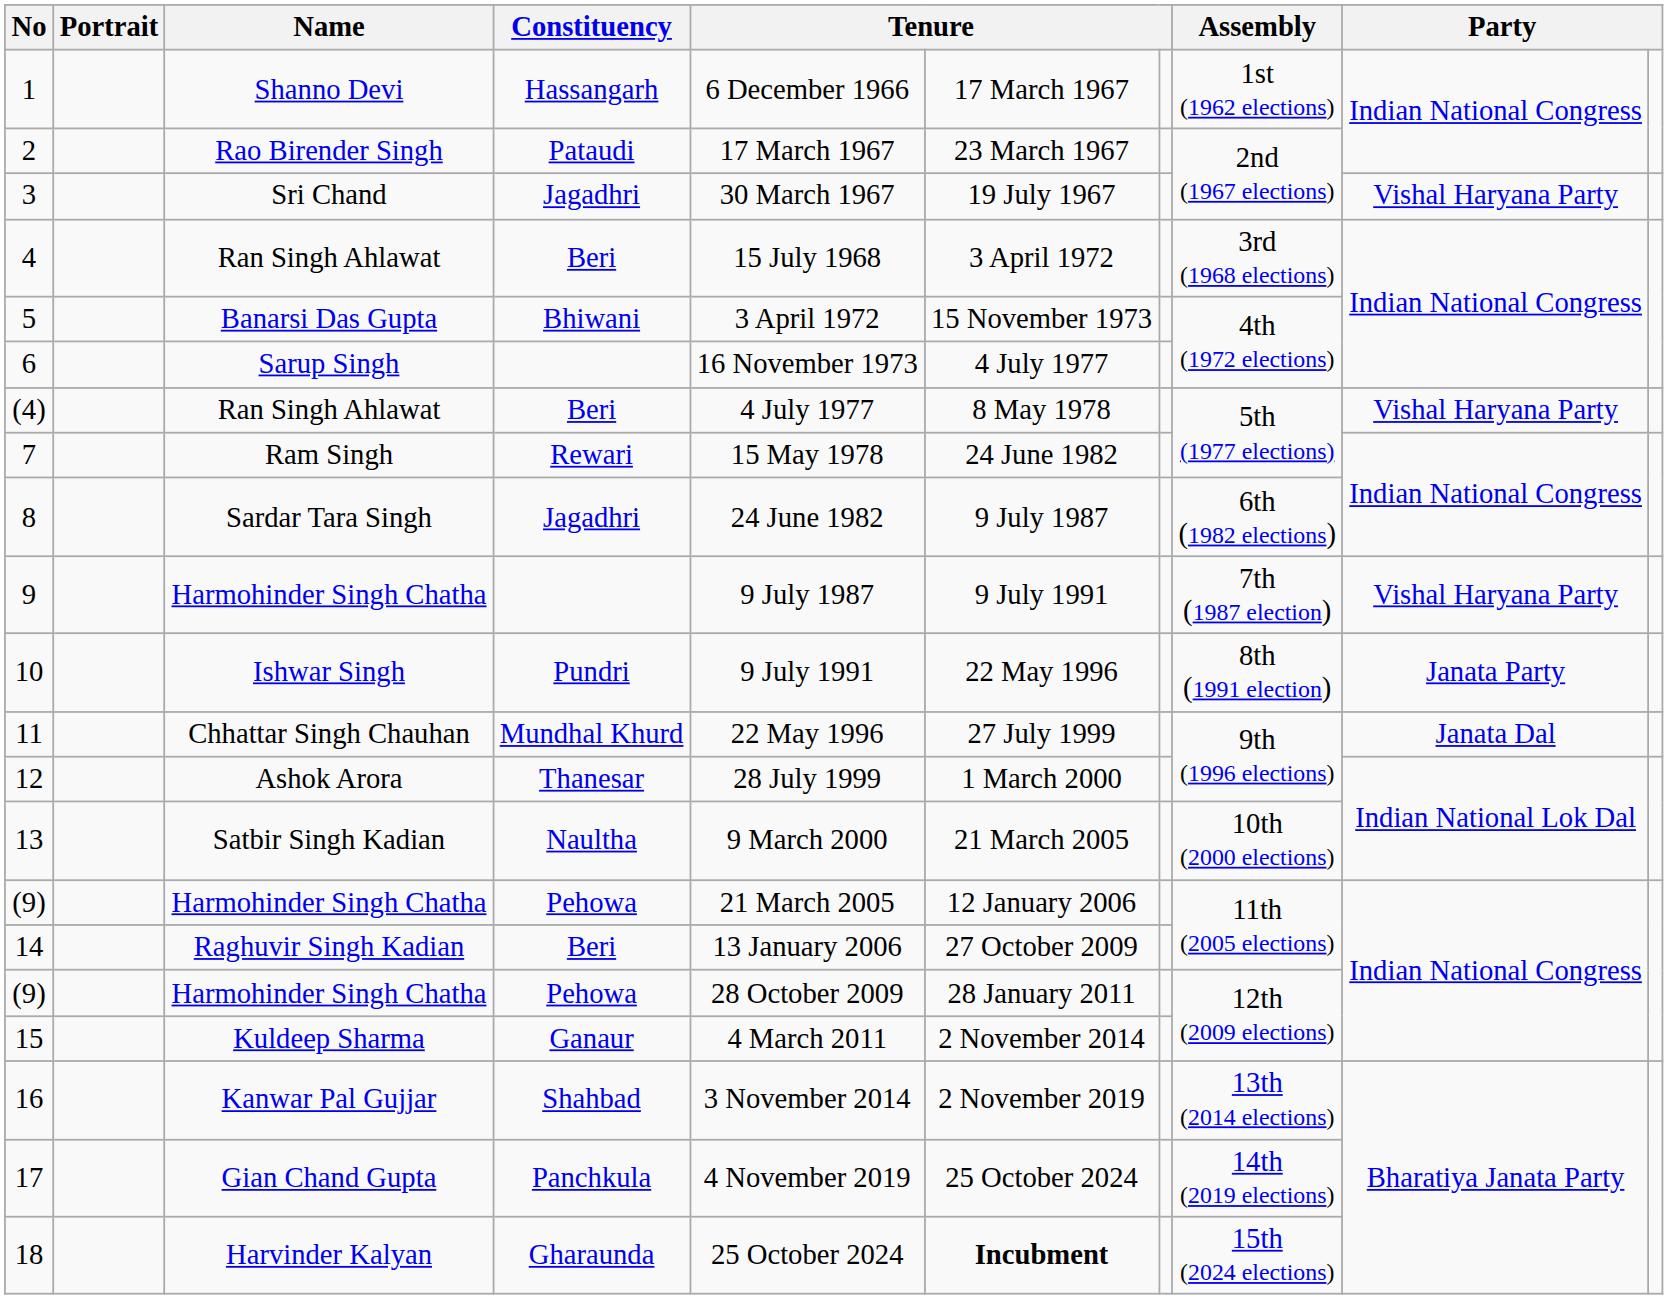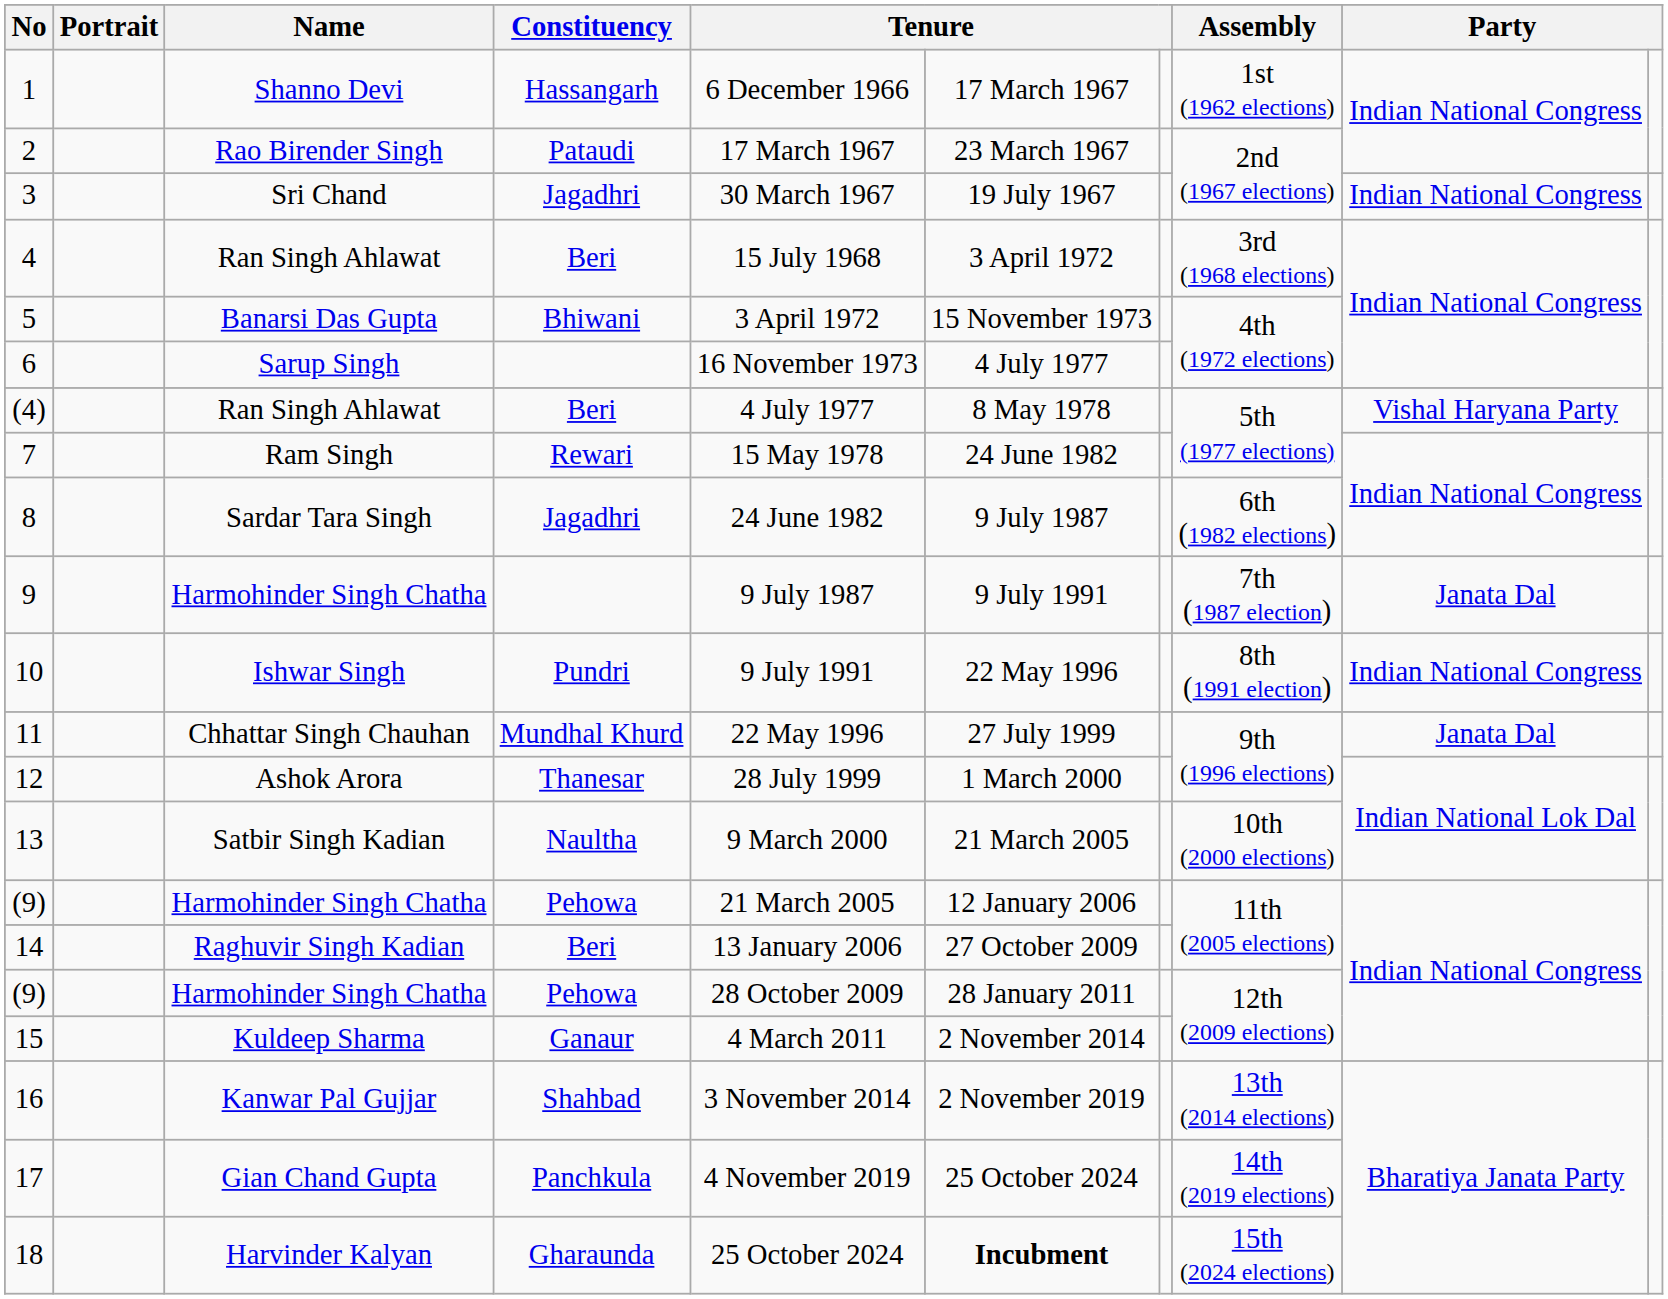 <table class="wikitable" style="text-align:center">
 <tr>
 <th>No</th>
 <th>Portrait</th>
 <th>Name</th>
 <th><a href='#'>Constituency</a></th>
 <th colspan="3">Tenure</th>
 <th>Assembly</th>
 <th colspan="2">Party</th>
 </tr>
 <tr>
 <td>1</td>
 <td></td>
 <td><a href='#'>Shanno Devi</a></td>
 <td><a href='#'>Hassangarh</a></td>
 <td>6 December 1966</td>
 <td>17 March 1967</td>
 <td></td>
 <td>1st<br><small>(<a href='#'>1962 elections</a>)</small></td>
 <td rowspan="2"><a href='#'>Indian National Congress</a></td>
 <td rowspan="2" style="background-color: "></td>
 </tr>
 <tr>
 <td>2</td>
 <td></td>
 <td><a href='#'>Rao Birender Singh</a></td>
 <td><a href='#'>Pataudi</a></td>
 <td>17 March 1967</td>
 <td>23 March 1967</td>
 <td></td>
 <td rowspan="2">2nd<br><small>(<a href='#'>1967 elections</a>)</small></td>
 </tr>
 <tr>
 <td>3</td>
 <td></td>
 <td>Sri Chand</td>
 <td><a href='#'>Jagadhri</a></td>
 <td>30 March 1967</td>
 <td>19 July 1967</td>
 <td></td>
-<td><a href='#'>Vishal Haryana Party</a></td>
+<td><a href='#'>Indian National Congress</a></td>
 <td style="background-color: "></td>
 </tr>
 <tr>
 <td>4</td>
 <td></td>
 <td>Ran Singh Ahlawat</td>
 <td><a href='#'>Beri</a></td>
 <td>15 July 1968</td>
 <td>3 April 1972</td>
 <td></td>
 <td>3rd<br><small>(<a href='#'>1968 elections</a>)</small></td>
 <td rowspan="3"><a href='#'>Indian National Congress</a></td>
 <td rowspan="3" style="background-color: "></td>
 </tr>
 <tr>
 <td>5</td>
 <td></td>
 <td><a href='#'>Banarsi Das Gupta</a></td>
 <td><a href='#'>Bhiwani</a></td>
 <td>3 April 1972</td>
 <td>15 November 1973</td>
 <td></td>
 <td rowspan="2">4th<br><small>(<a href='#'>1972 elections</a>)</small></td>
 </tr>
 <tr>
 <td>6</td>
 <td></td>
 <td><a href='#'>Sarup Singh</a></td>
 <td></td>
 <td>16 November 1973</td>
 <td>4 July 1977</td>
 <td></td>
 </tr>
 <tr>
 <td>(4)</td>
 <td></td>
 <td>Ran Singh Ahlawat</td>
 <td><a href='#'>Beri</a></td>
 <td>4 July 1977</td>
 <td>8 May 1978</td>
 <td></td>
 <td rowspan="2">5th<br><small><a href='#'>(1977 elections)</a></small></td>
 <td><a href='#'>Vishal Haryana Party</a></td>
 <td style="background-color: "></td>
 </tr>
 <tr>
 <td>7</td>
 <td></td>
 <td>Ram Singh</td>
 <td><a href='#'>Rewari</a></td>
 <td>15 May 1978</td>
 <td>24 June 1982</td>
 <td></td>
 <td rowspan="2"><a href='#'>Indian National Congress</a></td>
 <td rowspan="2" style="background-color: "></td>
 </tr>
 <tr>
 <td>8</td>
 <td></td>
 <td>Sardar Tara Singh</td>
 <td><a href='#'>Jagadhri</a></td>
 <td>24 June 1982</td>
 <td>9 July 1987</td>
 <td></td>
 <td>6th<br>(<a href='#'><small>1982 elections</small></a>)</td>
 </tr>
 <tr>
 <td>9</td>
 <td></td>
 <td><a href='#'>Harmohinder Singh Chatha</a></td>
 <td></td>
 <td>9 July 1987</td>
 <td>9 July 1991</td>
 <td></td>
 <td>7th<br>(<a href='#'><small>1987 election</small></a>)</td>
-<td><a href='#'>Vishal Haryana Party</a></td>
+<td><a href='#'>Janata Dal</a></td>
 <td style="background-color: "></td>
 </tr>
 <tr>
 <td>10</td>
 <td></td>
 <td><a href='#'>Ishwar Singh</a></td>
 <td><a href='#'>Pundri</a></td>
 <td>9 July 1991</td>
 <td>22 May 1996</td>
 <td></td>
 <td>8th<br>(<a href='#'><small>1991 election</small></a>)</td>
-<td><a href='#'>Janata Party</a></td>
+<td><a href='#'>Indian National Congress</a></td>
 <td style="background-color: "></td>
 </tr>
 <tr>
 <td>11</td>
 <td></td>
 <td>Chhattar Singh Chauhan</td>
 <td><a href='#'>Mundhal Khurd</a></td>
 <td>22 May 1996</td>
 <td>27 July 1999</td>
 <td></td>
 <td rowspan="2">9th<br><small>(<a href='#'>1996 elections</a>)</small></td>
 <td><a href='#'>Janata Dal</a></td>
 <td style="background-color: "></td>
 </tr>
 <tr>
 <td>12</td>
 <td></td>
 <td>Ashok Arora</td>
 <td><a href='#'>Thanesar</a></td>
 <td>28 July 1999</td>
 <td>1 March 2000</td>
 <td></td>
 <td rowspan="2"><a href='#'>Indian National Lok Dal</a></td>
 <td rowspan="2" style="background-color: "></td>
 </tr>
 <tr>
 <td>13</td>
 <td></td>
 <td>Satbir Singh Kadian</td>
 <td><a href='#'>Naultha</a></td>
 <td>9 March 2000</td>
 <td>21 March 2005</td>
 <td></td>
 <td>10th<br><small>(<a href='#'>2000 elections</a>)</small></td>
 </tr>
 <tr>
 <td>(9)</td>
 <td></td>
 <td><a href='#'>Harmohinder Singh Chatha</a></td>
 <td><a href='#'>Pehowa</a></td>
 <td>21 March 2005</td>
 <td>12 January 2006</td>
 <td></td>
 <td rowspan="2">11th<br><small>(<a href='#'>2005 elections</a>)</small></td>
 <td rowspan="4"><a href='#'>Indian National Congress</a></td>
 <td rowspan="4" style="background-color: "></td>
 </tr>
 <tr>
 <td>14</td>
 <td></td>
 <td><a href='#'>Raghuvir Singh Kadian</a></td>
 <td><a href='#'>Beri</a></td>
 <td>13 January 2006</td>
 <td>27 October 2009</td>
 <td></td>
 </tr>
 <tr>
 <td>(9)</td>
 <td></td>
 <td><a href='#'>Harmohinder Singh Chatha</a></td>
 <td><a href='#'>Pehowa</a></td>
 <td>28 October 2009</td>
 <td>28 January 2011</td>
 <td></td>
 <td rowspan="2">12th<br><small>(<a href='#'>2009 elections</a>)</small></td>
 </tr>
 <tr>
 <td>15</td>
 <td></td>
 <td><a href='#'>Kuldeep Sharma</a></td>
 <td><a href='#'>Ganaur</a></td>
 <td>4 March 2011</td>
 <td>2 November 2014</td>
 <td></td>
 </tr>
 <tr>
 <td>16</td>
 <td></td>
 <td><a href='#'>Kanwar Pal Gujjar</a></td>
 <td><a href='#'>Shahbad</a></td>
 <td>3 November 2014</td>
 <td>2 November 2019</td>
 <td></td>
 <td><a href='#'>13th</a><br><small>(<a href='#'>2014 elections</a>)</small></td>
 <td rowspan="3"><a href='#'>Bharatiya Janata Party</a></td>
 <td rowspan="3" style="background-color: "></td>
 </tr>
 <tr>
 <td>17</td>
 <td></td>
 <td><a href='#'>Gian Chand Gupta</a></td>
 <td><a href='#'>Panchkula</a></td>
 <td>4 November 2019</td>
 <td>25 October 2024</td>
 <td></td>
 <td><a href='#'>14th</a><br><small>(<a href='#'>2019 elections</a>)</small></td>
 </tr>
 <tr>
 <td>18</td>
 <td></td>
 <td><a href='#'>Harvinder Kalyan</a></td>
 <td><a href='#'>Gharaunda</a></td>
 <td>25 October 2024</td>
 <td><strong>Incubment</strong></td>
 <td></td>
 <td><a href='#'>15th</a><br><small>(<a href='#'>2024 elections</a>)</small></td>
 </tr>
 </table>
